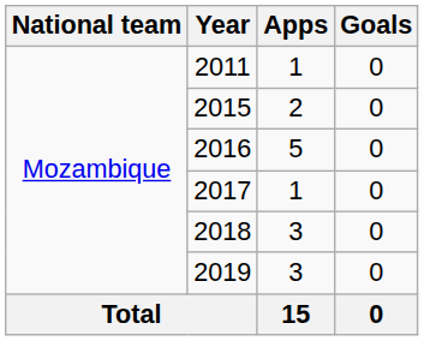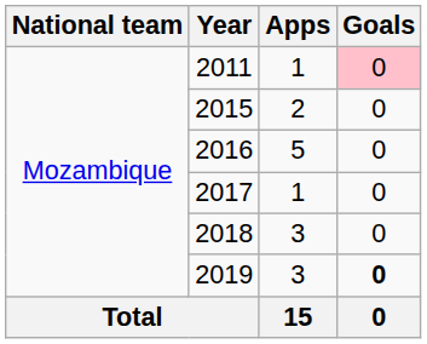 <table class="wikitable" style="text-align:center">
 <tr>
 <th>National team</th>
 <th>Year</th>
 <th>Apps</th>
 <th>Goals</th>
 </tr>
 <tr>
 <td rowspan="6"><a href='#'>Mozambique</a></td>
 <td>2011</td>
 <td>1</td>
-<td>0</td>
+<td style="background: pink;">0</td>
 </tr>
 <tr>
 <td>2015</td>
 <td>2</td>
 <td>0</td>
 </tr>
 <tr>
 <td>2016</td>
 <td>5</td>
 <td>0</td>
 </tr>
 <tr>
 <td>2017</td>
 <td>1</td>
 <td>0</td>
 </tr>
 <tr>
 <td>2018</td>
 <td>3</td>
 <td>0</td>
 </tr>
 <tr>
 <td>2019</td>
 <td>3</td>
-<td>0</td>
+<td><strong>0</strong></td>
 </tr>
 <tr>
 <th colspan=2>Total</th>
 <th>15</th>
 <th>0</th>
 </tr>
 </table>
